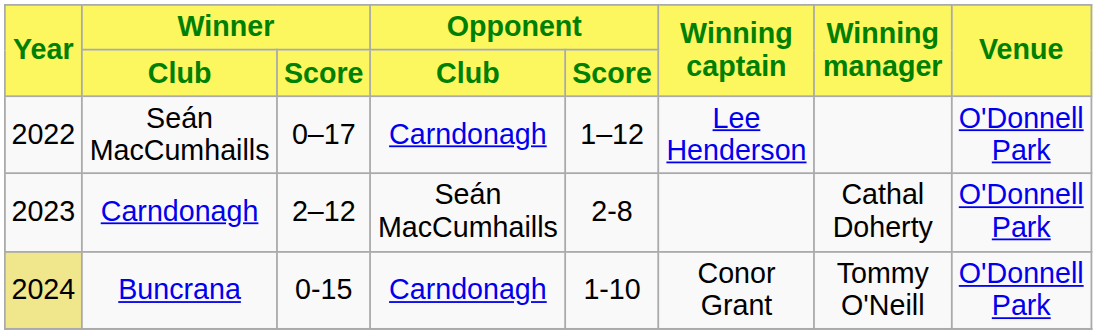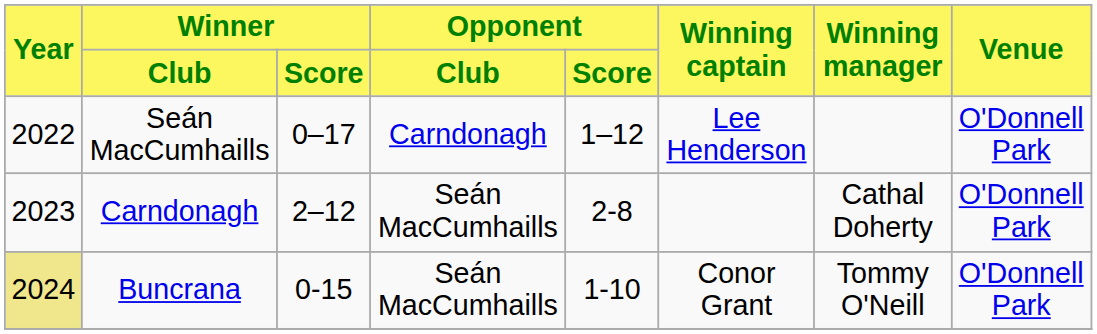 <table class="wikitable sortable" style="text-align:center;">
 <tr>
 <th rowspan="2" style="background:#FCF75E;color:green;">Year</th>
 <th colspan="2" style="background:#FCF75E;color:green;">Winner</th>
 <th colspan="2" style="background:#FCF75E;color:green;">Opponent</th>
 <th rowspan="2" style="background:#FCF75E;color:green;">Winning captain</th>
 <th rowspan="2" style="background:#FCF75E;color:green;">Winning manager</th>
 <th rowspan="2" style="background:#FCF75E;color:green;">Venue</th>
 </tr>
 <tr>
 <th style="background:#FCF75E;color:green;">Club</th>
 <th style="background:#FCF75E;color:green;">Score</th>
 <th style="background:#FCF75E;color:green;">Club</th>
 <th style="background:#FCF75E;color:green;">Score</th>
 </tr>
 <tr>
 <td>2022</td>
 <td>Seán MacCumhaills</td>
 <td>0–17</td>
 <td><a href='#'>Carndonagh</a></td>
 <td>1–12</td>
 <td><a href='#'>Lee Henderson</a></td>
 <td></td>
 <td><a href='#'>O'Donnell Park</a></td>
 </tr>
 <tr>
 <td>2023</td>
 <td><a href='#'>Carndonagh</a></td>
 <td>2–12</td>
 <td>Seán MacCumhaills</td>
 <td>2-8</td>
 <td></td>
 <td>Cathal Doherty</td>
 <td><a href='#'>O'Donnell Park</a></td>
 </tr>
 <tr>
 <td style="background: khaki;">2024</td>
 <td><a href='#'>Buncrana</a></td>
 <td>0-15</td>
-<td><a href='#'>Carndonagh</a></td>
+<td>Seán MacCumhaills</td>
 <td>1-10</td>
 <td>Conor Grant</td>
 <td>Tommy O'Neill</td>
 <td><a href='#'>O'Donnell Park</a></td>
 </tr>
 <tr>
 </tr>
 </table>
